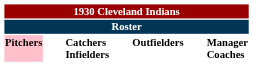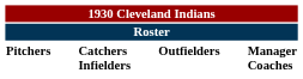 <table class="toccolours" style="font-size: 95%;">
 <tr>
 <th colspan="10" style="background-color: #990000; color: white; text-align: center;">1930 Cleveland Indians</th>
 </tr>
 <tr>
 <td colspan="10" style="background-color: #023456; color: white; text-align: center;"><strong>Roster</strong></td>
 </tr>
 <tr>
-<td valign="top" style="background: pink;"><strong>Pitchers</strong><br>            </td>
+<td valign="top"><strong>Pitchers</strong><br>            </td>
 <td width="25px"></td>
 <td valign="top"><strong>Catchers</strong><br>    <strong>Infielders</strong>           </td>
 <td width="25px"></td>
 <td valign="top"><strong>Outfielders</strong><br>     </td>
 <td width="25px"></td>
 <td valign="top"><strong>Manager</strong><br> <strong>Coaches</strong>   </td>
 </tr>
 </table>
